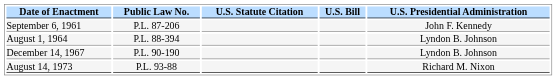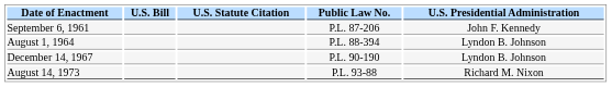 <table style="border:1px solid gray; align:left; width:100%" cellspacing=3 cellpadding=0>
 <tr style="font-weight:bold; text-align:center; background:#bbddff; color:black;">
 <th style=" border-bottom:1.5px solid black">Date of Enactment</th>
+<th style=" border-bottom:1.5px solid black">U.S. Bill</th>
+<th style=" border-bottom:1.5px solid black">U.S. Statute Citation</th>
 <th style=" border-bottom:1.5px solid black">Public Law No.</th>
-<th style=" border-bottom:1.5px solid black">U.S. Statute Citation</th>
-<th style=" border-bottom:1.5px solid black">U.S. Bill</th>
 <th style=" border-bottom:1.5px solid black">U.S. Presidential Administration</th>
 </tr>
 <tr>
 <td style="border-bottom:1px solid gray; background:#F5F5F5;">September 6, 1961</td>
-<td style="border-bottom:1px solid gray; background:#F5F5F5; text-align:center;">P.L. 87-206</td>
 <td style="border-bottom:1px solid gray; background:#F5F5F5; text-align:center;"></td>
 <td style="border-bottom:1px solid gray; background:#F5F5F5; text-align:center;"></td>
+<td style="border-bottom:1px solid gray; background:#F5F5F5; text-align:center;">P.L. 87-206</td>
 <td style="border-bottom:1px solid gray; background:#F5F5F5; text-align:center;">John F. Kennedy</td>
 </tr>
 <tr>
 <td style="border-bottom:1px solid gray; background:#F5F5F5;">August 1, 1964</td>
-<td style="border-bottom:1px solid gray; background:#F5F5F5; text-align:center;">P.L. 88-394</td>
 <td style="border-bottom:1px solid gray; background:#F5F5F5; text-align:center;"></td>
 <td style="border-bottom:1px solid gray; background:#F5F5F5; text-align:center;"></td>
+<td style="border-bottom:1px solid gray; background:#F5F5F5; text-align:center;">P.L. 88-394</td>
 <td style="border-bottom:1px solid gray; background:#F5F5F5; text-align:center;">Lyndon B. Johnson</td>
 </tr>
 <tr>
 <td style="border-bottom:1px solid gray; background:#F5F5F5;">December 14, 1967</td>
-<td style="border-bottom:1px solid gray; background:#F5F5F5; text-align:center;">P.L. 90-190</td>
 <td style="border-bottom:1px solid gray; background:#F5F5F5; text-align:center;"></td>
 <td style="border-bottom:1px solid gray; background:#F5F5F5; text-align:center;"></td>
+<td style="border-bottom:1px solid gray; background:#F5F5F5; text-align:center;">P.L. 90-190</td>
 <td style="border-bottom:1px solid gray; background:#F5F5F5; text-align:center;">Lyndon B. Johnson</td>
 </tr>
 <tr>
 <td style="border-bottom:1.5px solid black; background:#F5F5F5;">August 14, 1973</td>
-<td style="border-bottom:1.5px solid black; background:#F5F5F5; text-align:center;">P.L. 93-88</td>
 <td style="border-bottom:1.5px solid black; background:#F5F5F5; text-align:center;"></td>
 <td style="border-bottom:1.5px solid black; background:#F5F5F5; text-align:center;"></td>
+<td style="border-bottom:1.5px solid black; background:#F5F5F5; text-align:center;">P.L. 93-88</td>
 <td style="border-bottom:1.5px solid black; background:#F5F5F5; text-align:center;">Richard M. Nixon</td>
 </tr>
 </table>
